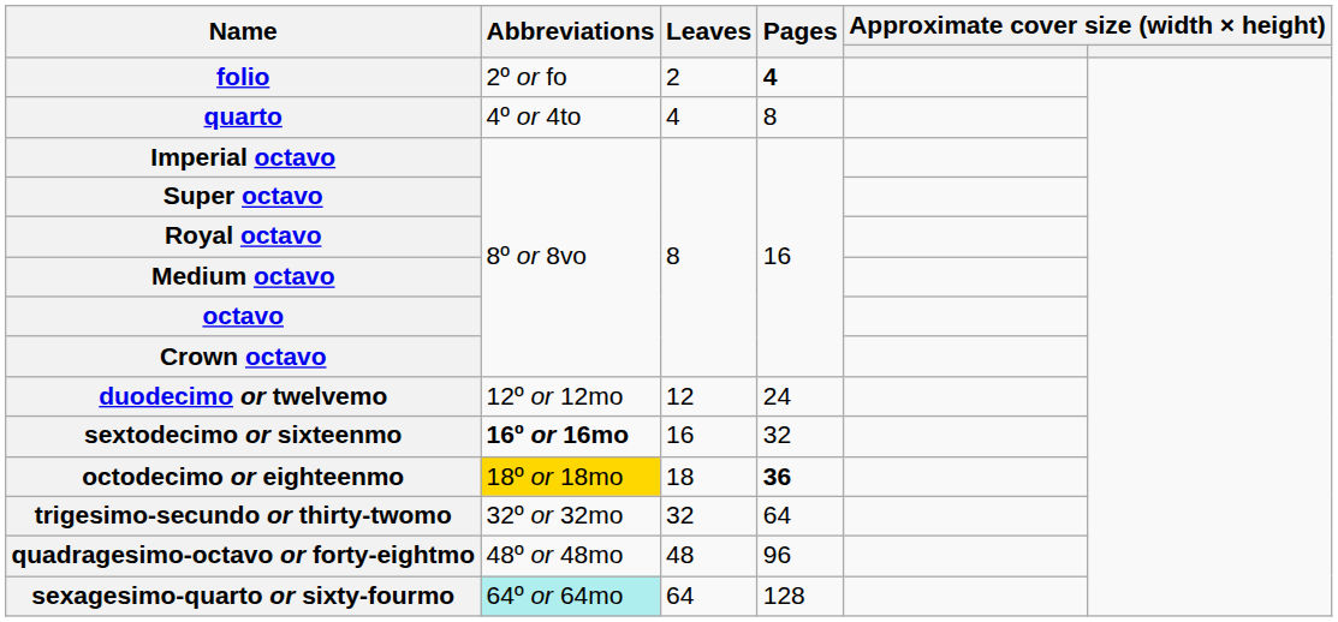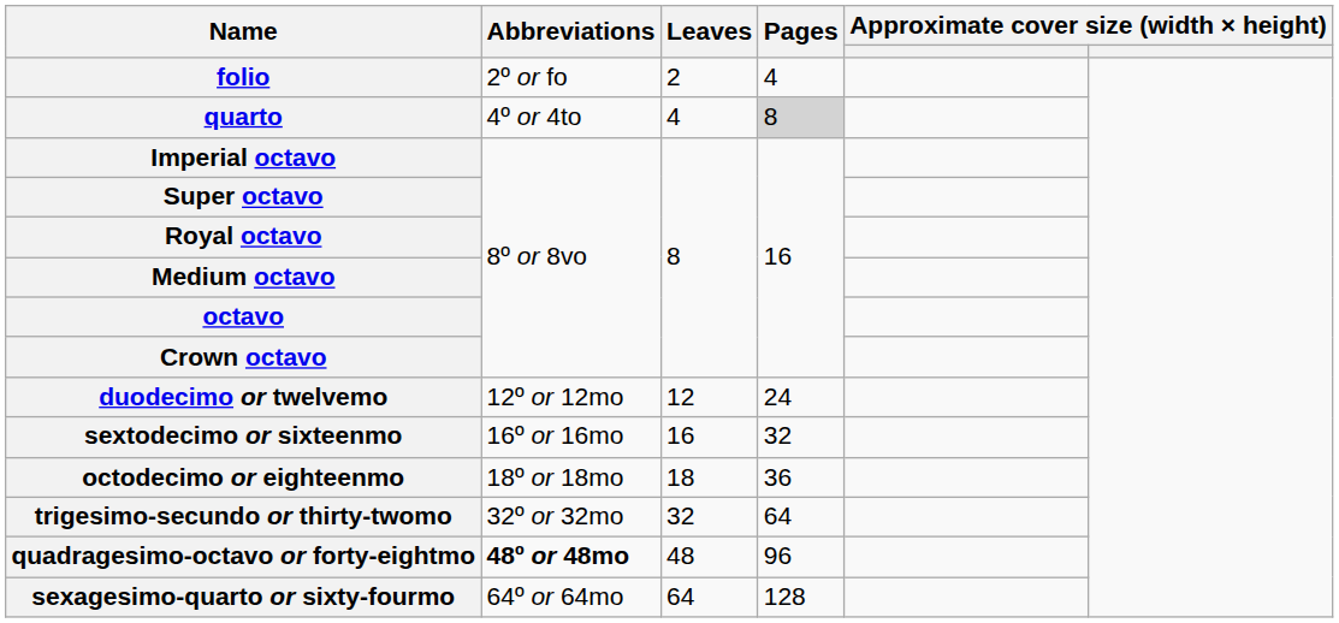 <table class="wikitable">
 <tr>
 <th rowspan=2>Name</th>
 <th rowspan=2>Abbreviations</th>
 <th rowspan=2>Leaves</th>
 <th rowspan=2>Pages</th>
 <th colspan=2>Approximate cover size (width × height)</th>
 </tr>
 <tr>
 <th></th>
 <th></th>
 </tr>
 <tr>
 <th><a href='#'>folio</a></th>
 <td>2º <em>or</em> fo</td>
 <td>2</td>
-<td><strong>4</strong></td>
+<td>4</td>
 <td></td>
 </tr>
 <tr>
 <th><a href='#'>quarto</a></th>
 <td>4º <em>or</em> 4to</td>
 <td>4</td>
-<td>8</td>
+<td style="background: lightgrey;">8</td>
 <td></td>
 </tr>
 <tr>
 <th>Imperial <a href='#'>octavo</a></th>
 <td rowspan=6>8º <em>or</em> 8vo</td>
 <td rowspan=6>8</td>
 <td rowspan=6>16</td>
 <td></td>
 </tr>
 <tr>
 <th>Super <a href='#'>octavo</a></th>
 <td></td>
 </tr>
 <tr>
 <th>Royal <a href='#'>octavo</a></th>
 <td></td>
 </tr>
 <tr>
 <th>Medium <a href='#'>octavo</a></th>
 <td></td>
 </tr>
 <tr>
 <th><a href='#'>octavo</a></th>
 <td></td>
 </tr>
 <tr>
 <th>Crown <a href='#'>octavo</a></th>
 <td></td>
 </tr>
 <tr>
 <th><a href='#'>duodecimo</a> <em>or</em> twelvemo</th>
 <td>12º <em>or</em> 12mo</td>
 <td>12</td>
 <td>24</td>
 <td></td>
 </tr>
 <tr>
 <th>sextodecimo <em>or</em> sixteenmo</th>
-<td><strong>16º <em>or</em> 16mo</strong></td>
+<td>16º <em>or</em> 16mo</td>
 <td>16</td>
 <td>32</td>
 <td></td>
 </tr>
 <tr>
 <th>octodecimo <em>or</em> eighteenmo</th>
-<td style="background: gold;">18º <em>or</em> 18mo</td>
+<td>18º <em>or</em> 18mo</td>
 <td>18</td>
-<td><strong>36</strong></td>
+<td>36</td>
 <td></td>
 </tr>
 <tr>
 <th>trigesimo-secundo <em>or</em> thirty-twomo</th>
 <td>32º <em>or</em> 32mo</td>
 <td>32</td>
 <td>64</td>
 <td></td>
 </tr>
 <tr>
 <th>quadragesimo-octavo <em>or</em> forty-eightmo</th>
-<td>48º <em>or</em> 48mo</td>
+<td><strong>48º <em>or</em> 48mo</strong></td>
 <td>48</td>
 <td>96</td>
 <td></td>
 </tr>
 <tr>
 <th>sexagesimo-quarto <em>or</em> sixty-fourmo</th>
-<td style="background: paleturquoise;">64º <em>or</em> 64mo</td>
+<td>64º <em>or</em> 64mo</td>
 <td>64</td>
 <td>128</td>
 <td></td>
 </tr>
 </table>
